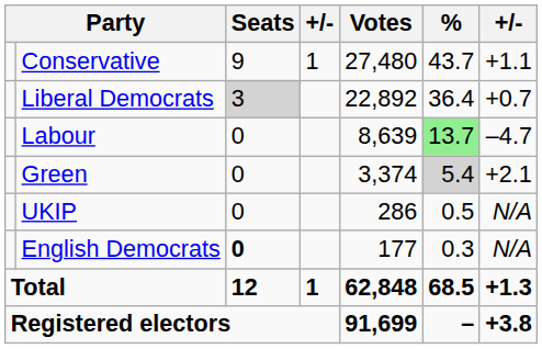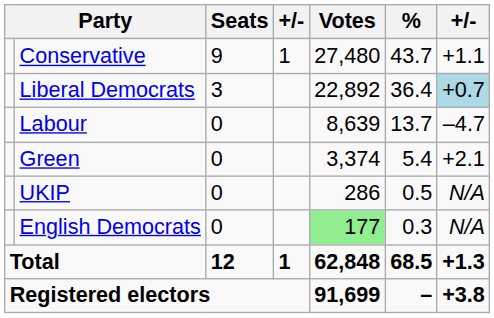 <table class="wikitable sortable">
 <tr>
 <th colspan="2">Party</th>
 <th>Seats</th>
 <th>+/-</th>
 <th>Votes</th>
 <th>%</th>
 <th>+/-</th>
 </tr>
 <tr>
 <td style="background-color: "></td>
 <td><a href='#'>Conservative</a></td>
 <td>9</td>
 <td> 1</td>
 <td style="text-align:right;">27,480</td>
 <td style="text-align:right;">43.7</td>
 <td style="text-align:right;">+1.1</td>
 </tr>
 <tr>
 <td style="background-color: "></td>
 <td><a href='#'>Liberal Democrats</a></td>
-<td style="background: lightgrey;">3</td>
+<td>3</td>
 <td></td>
 <td style="text-align:right;">22,892</td>
 <td style="text-align:right;">36.4</td>
-<td style="text-align:right;">+0.7</td>
+<td style="background: lightblue; text-align:right;">+0.7</td>
 </tr>
 <tr>
 <td style="background-color: "></td>
 <td><a href='#'>Labour</a></td>
 <td>0</td>
 <td></td>
 <td style="text-align:right;">8,639</td>
-<td style="background: lightgreen; text-align:right;">13.7</td>
+<td style="text-align:right;">13.7</td>
 <td style="text-align:right;">–4.7</td>
 </tr>
 <tr>
 <td style="background-color: "></td>
 <td><a href='#'>Green</a></td>
 <td>0</td>
 <td></td>
 <td style="text-align:right;">3,374</td>
-<td style="background: lightgrey; text-align:right;">5.4</td>
+<td style="text-align:right;">5.4</td>
 <td style="text-align:right;">+2.1</td>
 </tr>
 <tr>
 <td style="background-color: "></td>
 <td><a href='#'>UKIP</a></td>
 <td>0</td>
 <td></td>
 <td style="text-align:right;">286</td>
 <td style="text-align:right;">0.5</td>
 <td style="text-align:right;"><em>N/A</em></td>
 </tr>
 <tr>
 <td style="background-color: "></td>
 <td><a href='#'>English Democrats</a></td>
-<td><strong>0</strong></td>
+<td>0</td>
 <td></td>
-<td style="text-align:right;">177</td>
+<td style="background: lightgreen; text-align:right;">177</td>
 <td style="text-align:right;">0.3</td>
 <td style="text-align:right;"><em>N/A</em></td>
 </tr>
 <tr>
 <td colspan="2"><strong>Total</strong></td>
 <td><strong>12</strong></td>
 <td> <strong>1</strong></td>
 <td style="text-align:right;"><strong>62,848</strong></td>
 <td style="text-align:right;"><strong>68.5</strong></td>
 <td style="text-align:right;"><strong>+1.3</strong></td>
 </tr>
 <tr>
 <td colspan="4"><strong>Registered electors</strong></td>
 <td style="text-align:right;"><strong>91,699</strong></td>
 <td style="text-align:right;"><strong>–</strong></td>
 <td style="text-align:right;"><strong>+3.8</strong></td>
 </tr>
 </table>
